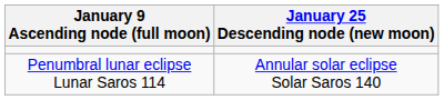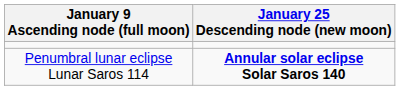 <table class="wikitable">
 <tr>
 <th>January 9<br>Ascending node (full moon)</th>
 <th><a href='#'>January 25</a><br>Descending node (new moon)<br></th>
 </tr>
 <tr>
 <td></td>
 <td></td>
 </tr>
 <tr align=center>
 <td><a href='#'>Penumbral lunar eclipse</a><br>Lunar Saros 114</td>
-<td><a href='#'>Annular solar eclipse</a><br>Solar Saros 140</td>
+<td><strong><a href='#'>Annular solar eclipse</a><br>Solar Saros 140</strong></td>
 </tr>
 </table>
